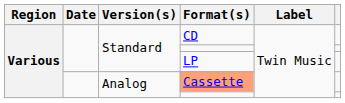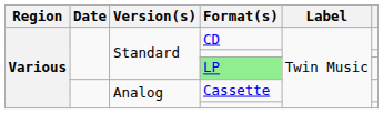 <table class="wikitable plainrowheaders">
 <tr>
 <th scope="col">Region</th>
 <th scope="col">Date</th>
 <th scope="col">Version(s)</th>
 <th scope="col">Format(s)</th>
 <th scope="col">Label</th>
 <th scope="col"></th>
 </tr>
 <tr>
 <th scope="row" rowspan="5">Various</th>
 <td rowspan="3"></td>
 <td rowspan="3">Standard</td>
 <td><a href='#'>CD</a></td>
 <td rowspan="5">Twin Music</td>
 <td></td>
 </tr>
 <tr>
 <td></td>
 <td></td>
 </tr>
 <tr>
-<td><a href='#'>LP</a></td>
+<td style="background: lightgreen;"><a href='#'>LP</a></td>
 <td></td>
 </tr>
 <tr>
 <td rowspan="2"></td>
 <td rowspan="2">Analog</td>
-<td style="background: lightsalmon;"><a href='#'>Cassette</a></td>
+<td><a href='#'>Cassette</a></td>
 <td></td>
 </tr>
 <tr>
 <td></td>
 <td></td>
 </tr>
 </table>
